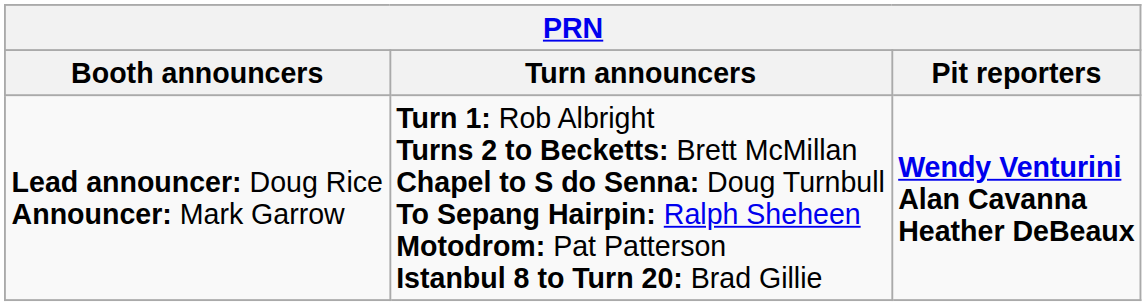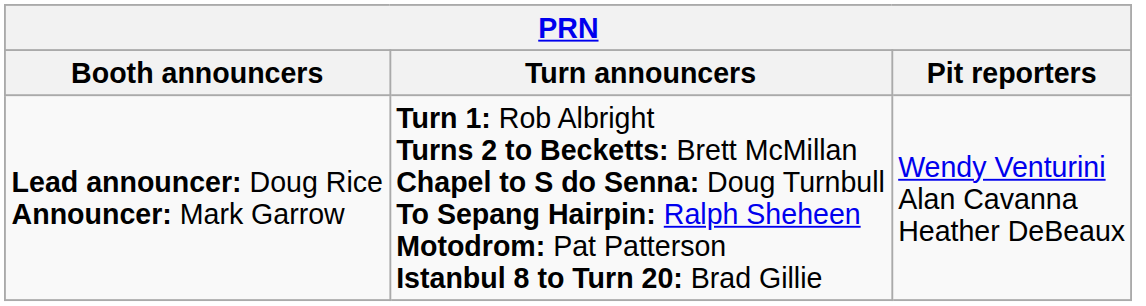 <table class="wikitable" style="font-size: 95%">
 <tr>
 <th colspan="3"><a href='#'>PRN</a></th>
 </tr>
 <tr>
 <th>Booth announcers</th>
 <th>Turn announcers</th>
 <th>Pit reporters</th>
 </tr>
 <tr>
 <td><strong>Lead announcer:</strong> Doug Rice<br><strong>Announcer:</strong> Mark Garrow</td>
 <td><strong>Turn 1:</strong> Rob Albright<br><strong>Turns 2 to Becketts:</strong> Brett McMillan<br><strong>Chapel to S do Senna:</strong> Doug Turnbull<br><strong>To Sepang Hairpin:</strong> <a href='#'>Ralph Sheheen</a><br><strong>Motodrom:</strong> Pat Patterson<br><strong>Istanbul 8 to Turn 20:</strong> Brad Gillie</td>
-<td><strong><a href='#'>Wendy Venturini</a><br>Alan Cavanna<br>Heather DeBeaux</strong></td>
+<td><a href='#'>Wendy Venturini</a><br>Alan Cavanna<br>Heather DeBeaux</td>
 </tr>
 </table>
